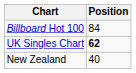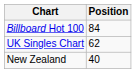 <table class="wikitable">
 <tr>
 <th>Chart</th>
 <th>Position</th>
 </tr>
 <tr>
 <td><a href='#'><em>Billboard</em> Hot 100</a></td>
 <td>84</td>
 </tr>
 <tr>
 <td><a href='#'>UK Singles Chart</a></td>
-<td><strong>62</strong></td>
+<td>62</td>
 </tr>
 <tr>
 <td>New Zealand</td>
 <td>40</td>
 </tr>
 </table>
